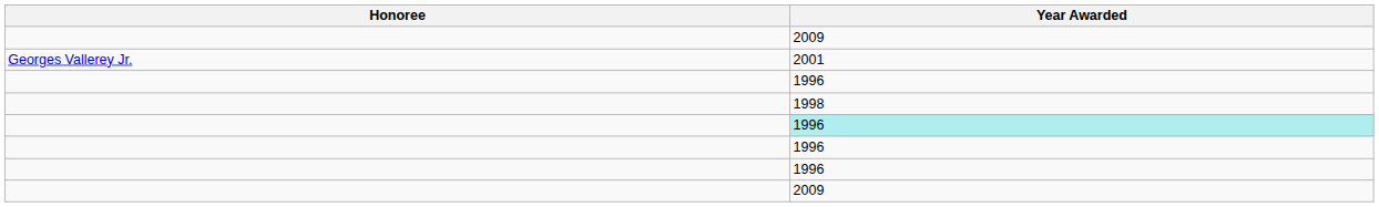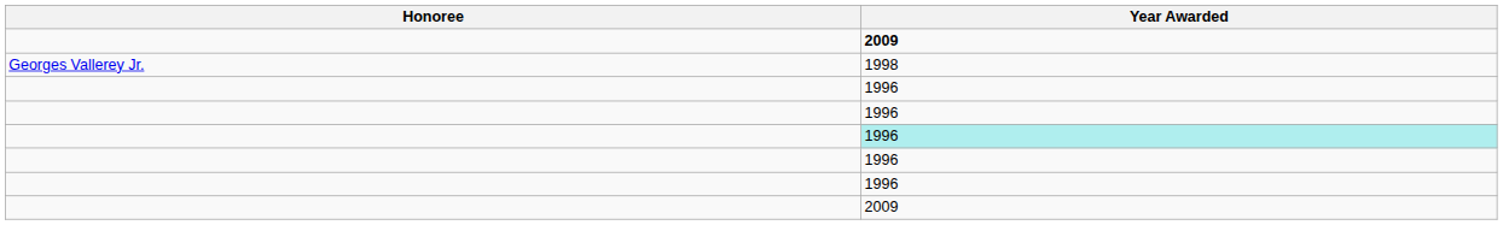 <table class="wikitable sortable" style="width: 100%">
 <tr>
 <th scope="col">Honoree</th>
 <th>Year Awarded</th>
 </tr>
 <tr>
 <td></td>
-<td>2009</td>
+<td><strong>2009</strong></td>
 </tr>
 <tr>
 <td><a href='#'>Georges Vallerey Jr.</a></td>
-<td>2001</td>
+<td>1998</td>
 </tr>
 <tr>
 <td></td>
 <td>1996</td>
 </tr>
 <tr>
 <td></td>
-<td>1998</td>
+<td>1996</td>
 </tr>
 <tr>
 <td></td>
 <td style="background: paleturquoise;">1996</td>
 </tr>
 <tr>
 <td></td>
 <td>1996</td>
 </tr>
 <tr>
 <td></td>
 <td>1996</td>
 </tr>
 <tr>
 <td></td>
 <td>2009</td>
 </tr>
 </table>
